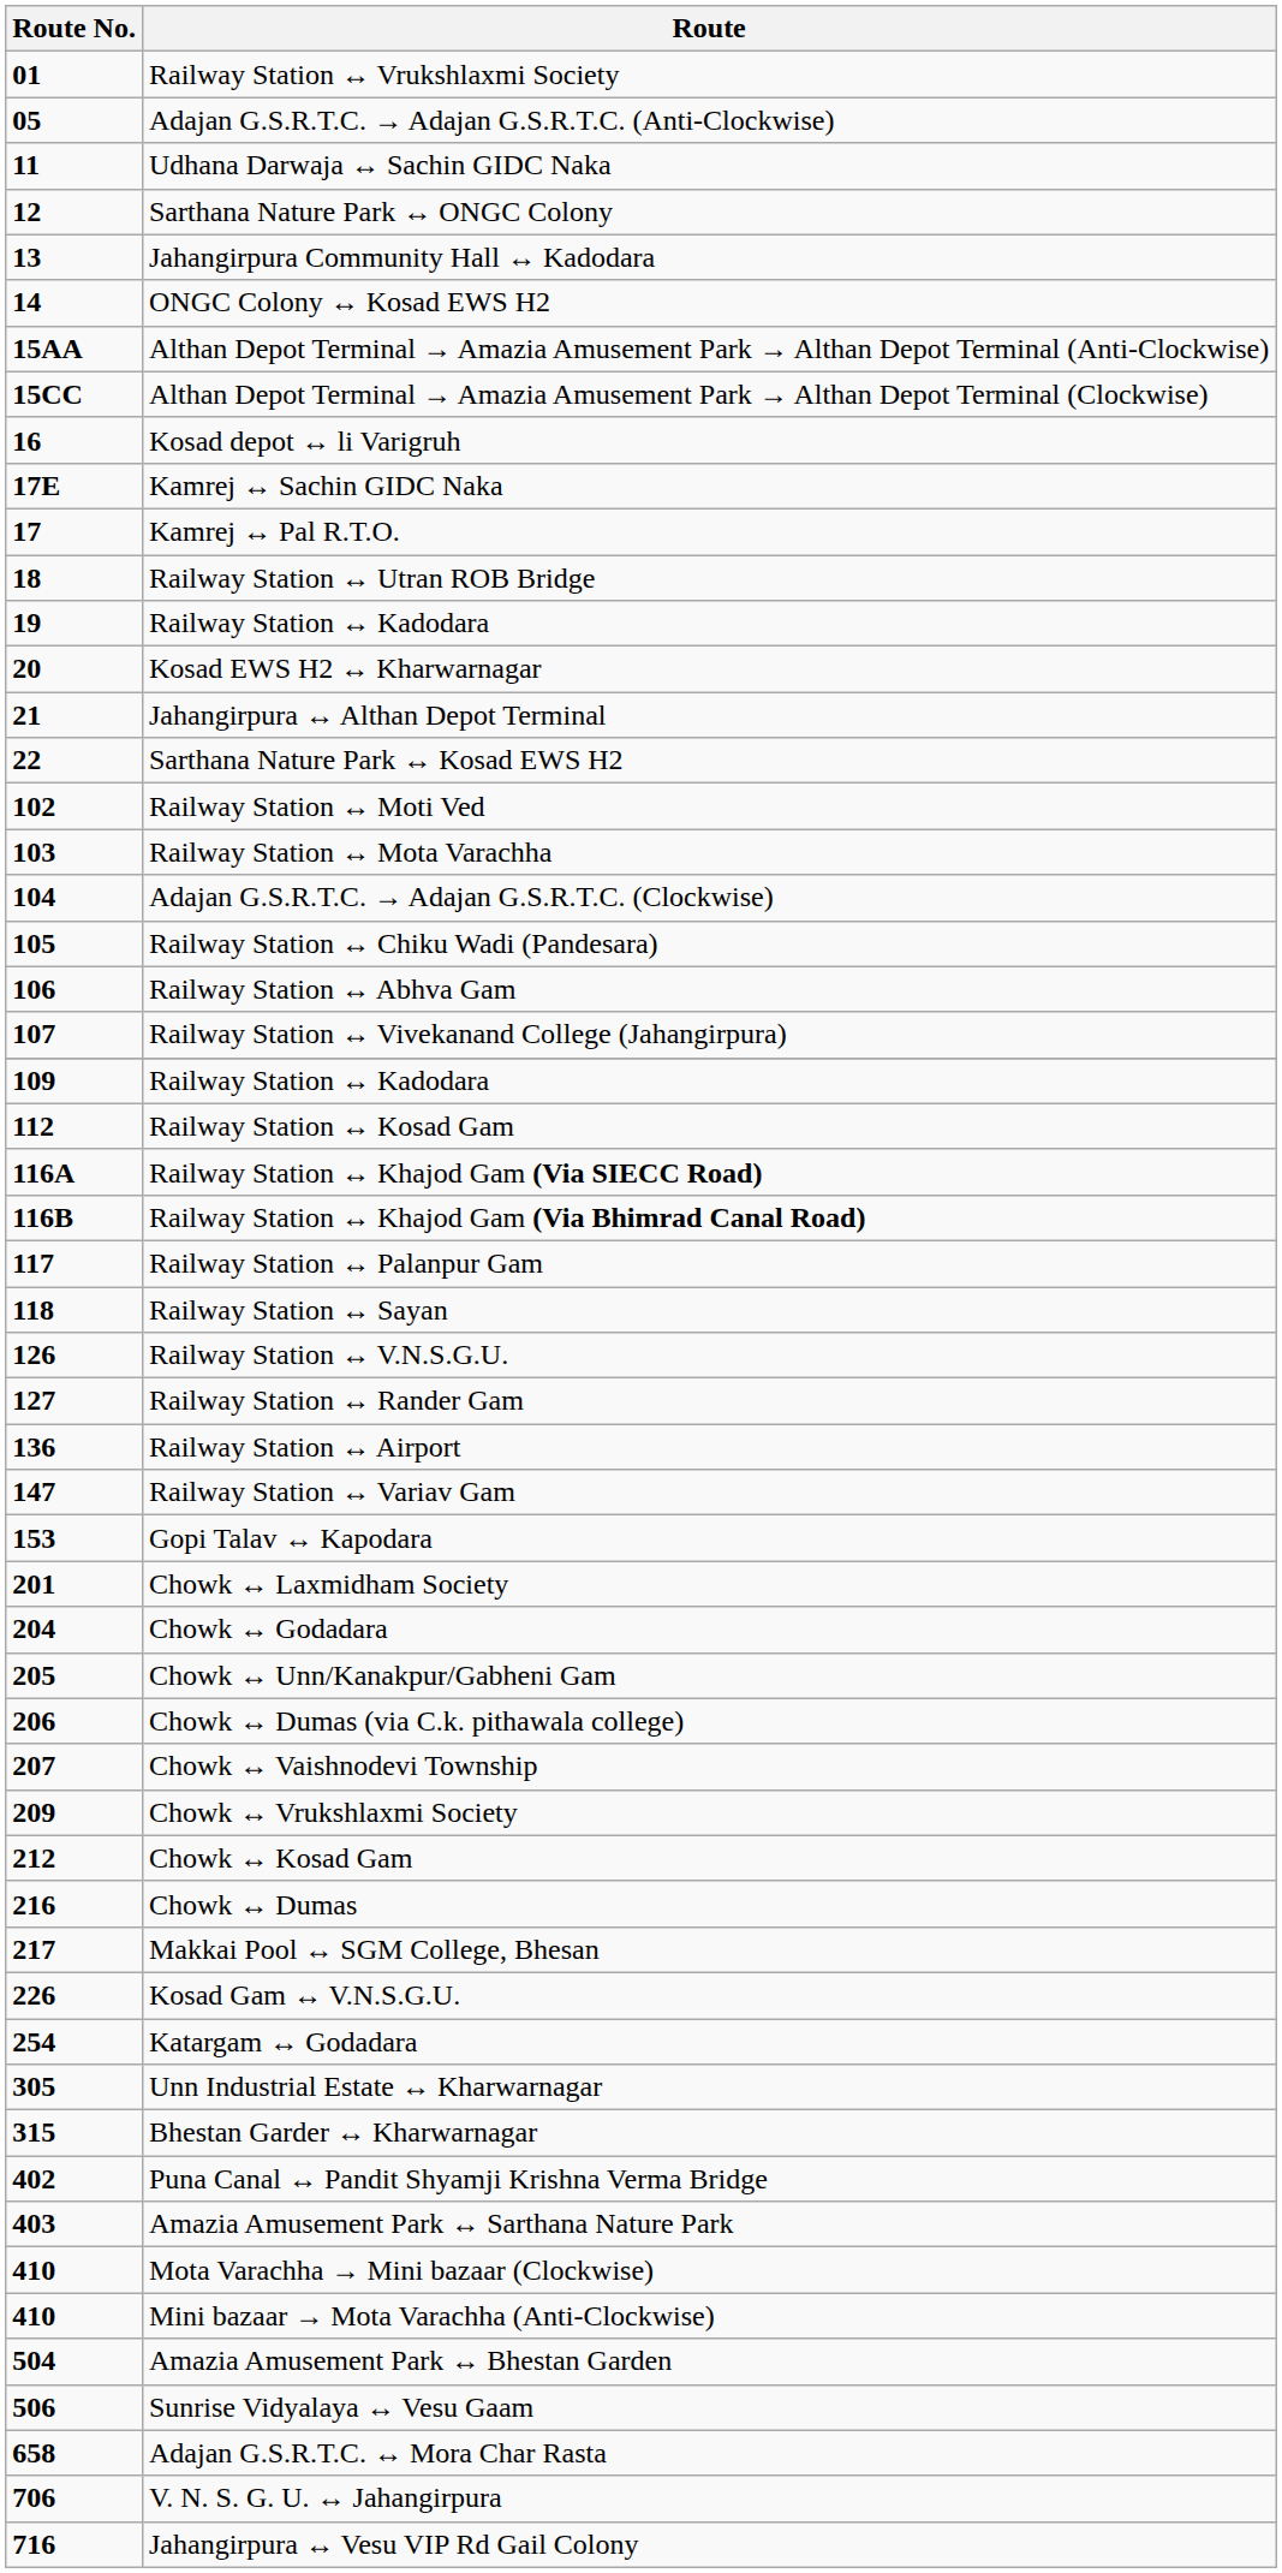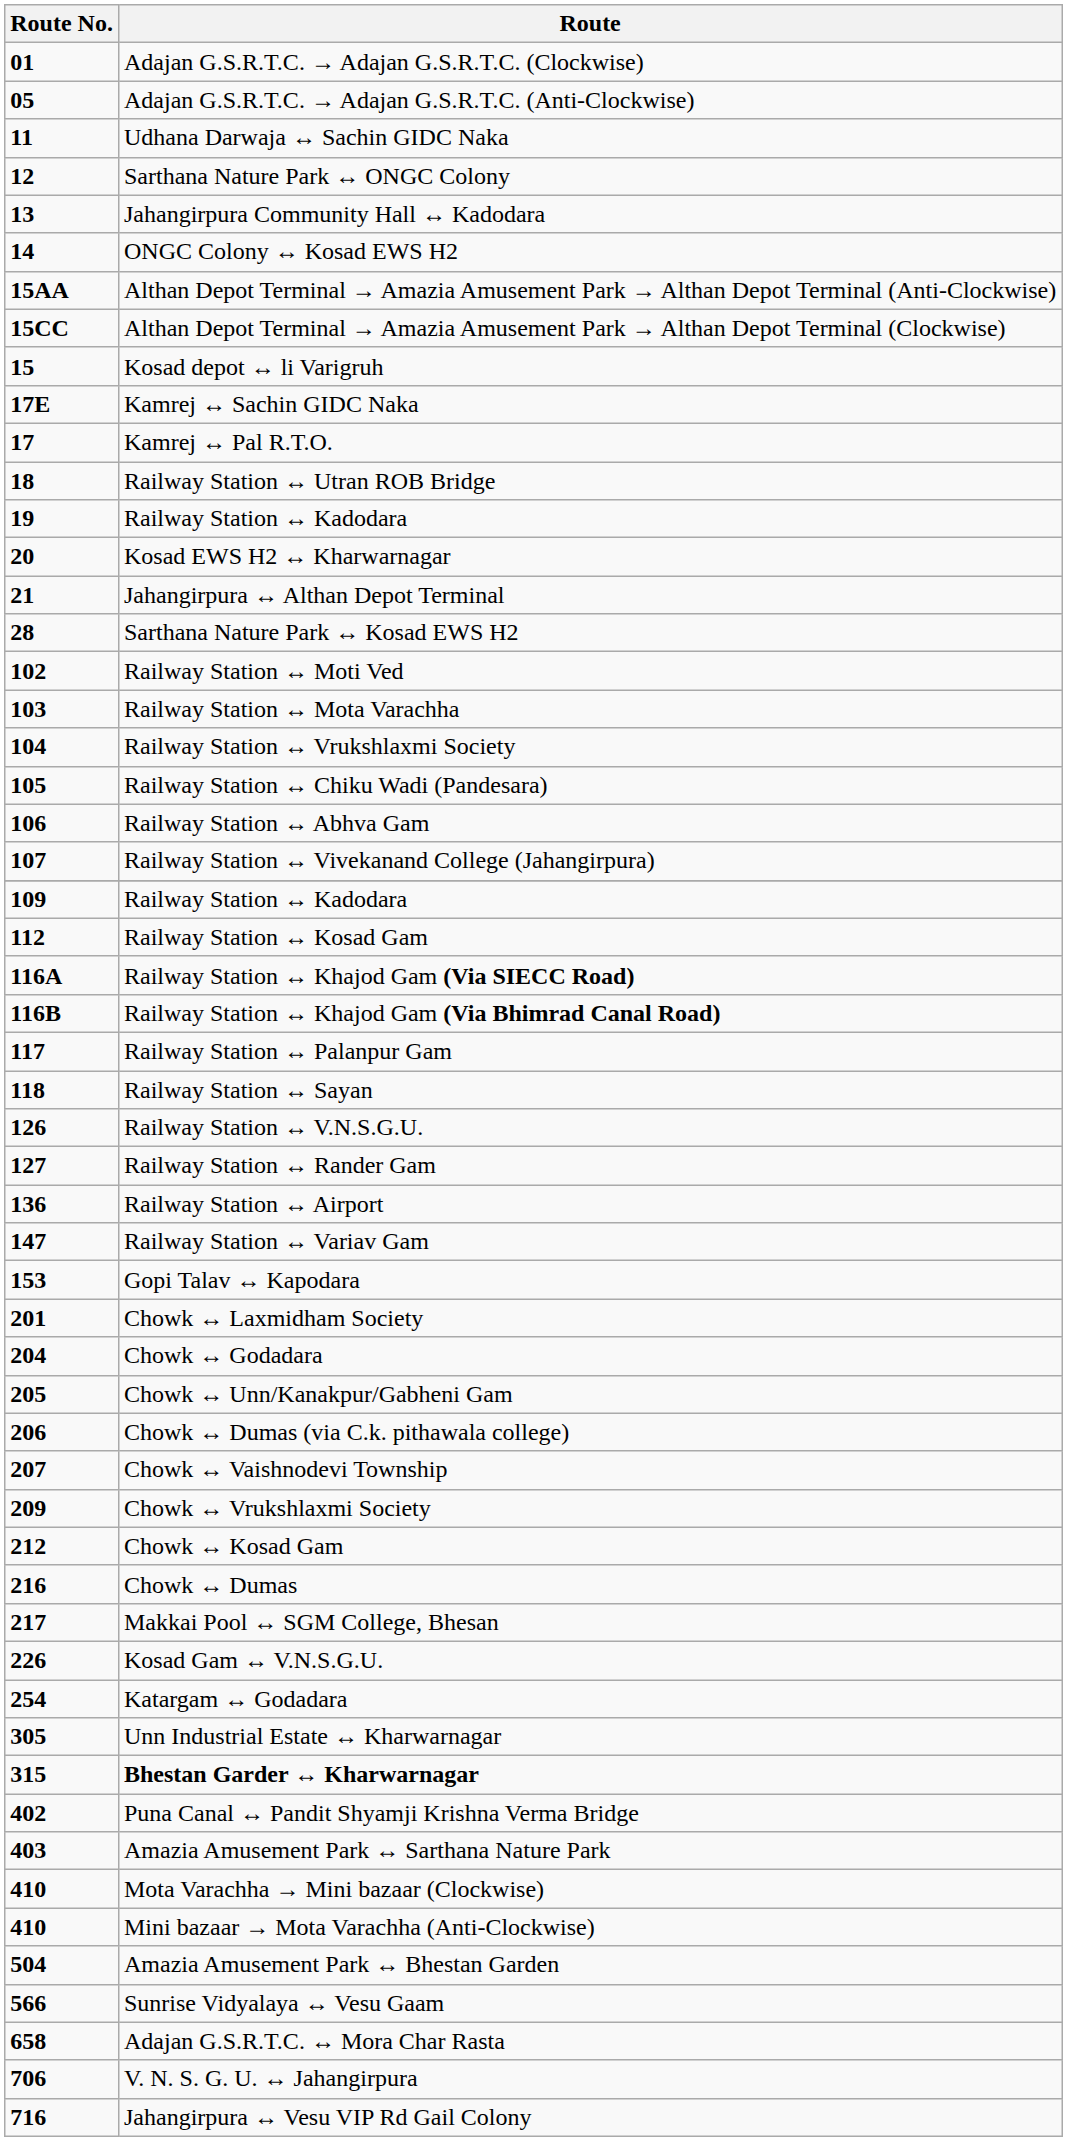 <table class="wikitable sortable">
 <tr>
 <th>Route No.</th>
 <th>Route</th>
 </tr>
 <tr>
 <td><strong>01</strong></td>
-<td>Railway Station ↔ Vrukshlaxmi Society</td>
+<td>Adajan G.S.R.T.C. → Adajan G.S.R.T.C. (Clockwise)</td>
 </tr>
 <tr>
 <td><strong>05</strong></td>
 <td>Adajan G.S.R.T.C. → Adajan G.S.R.T.C. (Anti-Clockwise)</td>
 </tr>
 <tr>
 <td><strong>11</strong></td>
 <td>Udhana Darwaja ↔ Sachin GIDC Naka</td>
 </tr>
 <tr>
 <td><strong>12</strong></td>
 <td>Sarthana Nature Park ↔ ONGC Colony</td>
 </tr>
 <tr>
 <td><strong>13</strong></td>
 <td>Jahangirpura Community Hall ↔ Kadodara</td>
 </tr>
 <tr>
 <td><strong>14</strong></td>
 <td>ONGC Colony ↔ Kosad EWS H2</td>
 </tr>
 <tr>
 <td><strong>15AA</strong></td>
 <td>Althan Depot Terminal → Amazia Amusement Park → Althan Depot Terminal (Anti-Clockwise)</td>
 </tr>
 <tr>
 <td><strong>15CC</strong></td>
 <td>Althan Depot Terminal → Amazia Amusement Park → Althan Depot Terminal (Clockwise)</td>
 </tr>
 <tr>
-<td><strong>16</strong></td>
+<td><strong>15</strong></td>
 <td>Kosad depot ↔ li Varigruh</td>
 </tr>
 <tr>
 <td><strong>17E</strong></td>
 <td>Kamrej ↔ Sachin GIDC Naka</td>
 </tr>
 <tr>
 <td><strong>17</strong></td>
 <td>Kamrej ↔ Pal R.T.O.</td>
 </tr>
 <tr>
 <td><strong>18</strong></td>
 <td>Railway Station ↔ Utran ROB Bridge</td>
 </tr>
 <tr>
 <td><strong>19</strong></td>
 <td>Railway Station ↔ Kadodara</td>
 </tr>
 <tr>
 <td><strong>20</strong></td>
 <td>Kosad EWS H2 ↔ Kharwarnagar</td>
 </tr>
 <tr>
 <td><strong>21</strong></td>
 <td>Jahangirpura ↔ Althan Depot Terminal</td>
 </tr>
 <tr>
-<td><strong>22</strong></td>
+<td><strong>28</strong></td>
 <td>Sarthana Nature Park ↔ Kosad EWS H2</td>
 </tr>
 <tr>
 <td><strong>102</strong></td>
 <td>Railway Station ↔ Moti Ved</td>
 </tr>
 <tr>
 <td><strong>103</strong></td>
 <td>Railway Station ↔ Mota Varachha</td>
 </tr>
 <tr>
 <td><strong>104</strong></td>
-<td>Adajan G.S.R.T.C. → Adajan G.S.R.T.C. (Clockwise)</td>
+<td>Railway Station ↔ Vrukshlaxmi Society</td>
 </tr>
 <tr>
 <td><strong>105</strong></td>
 <td>Railway Station ↔ Chiku Wadi (Pandesara)</td>
 </tr>
 <tr>
 <td><strong>106</strong></td>
 <td>Railway Station ↔ Abhva Gam</td>
 </tr>
 <tr>
 <td><strong>107</strong></td>
 <td>Railway Station ↔ Vivekanand College (Jahangirpura)</td>
 </tr>
 <tr>
 </tr>
 <tr>
 <td><strong>109</strong></td>
 <td>Railway Station ↔ Kadodara</td>
 </tr>
 <tr>
 <td><strong>112</strong></td>
 <td>Railway Station ↔ Kosad Gam</td>
 </tr>
 <tr>
 <td><strong>116A</strong></td>
 <td>Railway Station ↔ Khajod Gam <strong>(Via SIECC Road)</strong></td>
 </tr>
 <tr>
 <td><strong>116B</strong></td>
 <td>Railway Station ↔ Khajod Gam <strong>(Via Bhimrad Canal Road)</strong></td>
 </tr>
 <tr>
 <td><strong>117</strong></td>
 <td>Railway Station ↔ Palanpur Gam</td>
 </tr>
 <tr>
 <td><strong>118</strong></td>
 <td>Railway Station ↔ Sayan</td>
 </tr>
 <tr>
 <td><strong>126</strong></td>
 <td>Railway Station ↔ V.N.S.G.U.</td>
 </tr>
 <tr>
 <td><strong>127</strong></td>
 <td>Railway Station ↔ Rander Gam</td>
 </tr>
 <tr>
 <td><strong>136</strong></td>
 <td>Railway Station ↔ Airport</td>
 </tr>
 <tr>
 <td><strong>147</strong></td>
 <td>Railway Station ↔ Variav Gam</td>
 </tr>
 <tr>
 <td><strong>153</strong></td>
 <td>Gopi Talav ↔ Kapodara</td>
 </tr>
 <tr>
 <td><strong>201</strong></td>
 <td>Chowk ↔ Laxmidham Society</td>
 </tr>
 <tr>
 <td><strong>204</strong></td>
 <td>Chowk ↔ Godadara</td>
 </tr>
 <tr>
 <td><strong>205</strong></td>
 <td>Chowk ↔ Unn/Kanakpur/Gabheni Gam</td>
 </tr>
 <tr>
 <td><strong>206</strong></td>
 <td>Chowk ↔ Dumas (via C.k. pithawala college)</td>
 </tr>
 <tr>
 <td><strong>207</strong></td>
 <td>Chowk ↔ Vaishnodevi Township</td>
 </tr>
 <tr>
 <td><strong>209</strong></td>
 <td>Chowk ↔ Vrukshlaxmi Society</td>
 </tr>
 <tr>
 <td><strong>212</strong></td>
 <td>Chowk ↔ Kosad Gam</td>
 </tr>
 <tr>
 <td><strong>216</strong></td>
 <td>Chowk ↔ Dumas</td>
 </tr>
 <tr>
 <td><strong>217</strong></td>
 <td>Makkai Pool ↔ SGM College, Bhesan</td>
 </tr>
 <tr>
 <td><strong>226</strong></td>
 <td>Kosad Gam ↔ V.N.S.G.U.</td>
 </tr>
 <tr>
 <td><strong>254</strong></td>
 <td>Katargam ↔ Godadara</td>
 </tr>
 <tr>
 <td><strong>305</strong></td>
 <td>Unn Industrial Estate ↔ Kharwarnagar</td>
 </tr>
 <tr>
 <td><strong>315</strong></td>
-<td>Bhestan Garder ↔ Kharwarnagar</td>
+<td><strong>Bhestan Garder ↔ Kharwarnagar</strong></td>
 </tr>
 <tr>
 <td><strong>402</strong></td>
 <td>Puna Canal ↔ Pandit Shyamji Krishna Verma Bridge</td>
 </tr>
 <tr>
 <td><strong>403</strong></td>
 <td>Amazia Amusement Park ↔ Sarthana Nature Park</td>
 </tr>
 <tr>
 <td><strong>410</strong></td>
 <td>Mota Varachha → Mini bazaar (Clockwise)</td>
 </tr>
 <tr>
 <td><strong>410</strong></td>
 <td>Mini bazaar → Mota Varachha (Anti-Clockwise)</td>
 </tr>
 <tr>
 <td><strong>504</strong></td>
 <td>Amazia Amusement Park ↔ Bhestan Garden</td>
 </tr>
 <tr>
-<td><strong>506</strong></td>
+<td><strong>566</strong></td>
 <td>Sunrise Vidyalaya ↔ Vesu Gaam</td>
 </tr>
 <tr>
 <td><strong>658</strong></td>
 <td>Adajan G.S.R.T.C. ↔ Mora Char Rasta</td>
 </tr>
 <tr>
 <td><strong>706</strong></td>
 <td>V. N. S. G. U. ↔ Jahangirpura</td>
 </tr>
 <tr>
 <td><strong>716</strong></td>
 <td>Jahangirpura ↔ Vesu VIP Rd Gail Colony</td>
 </tr>
 </table>
